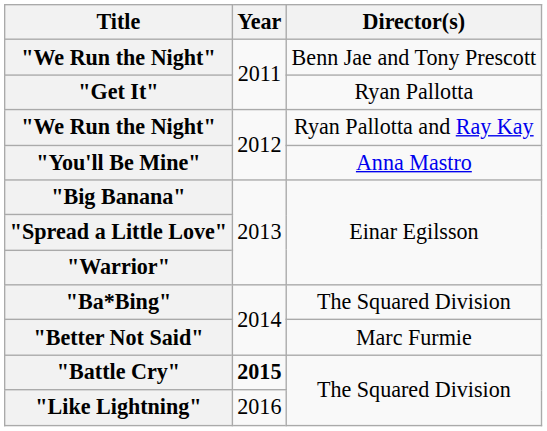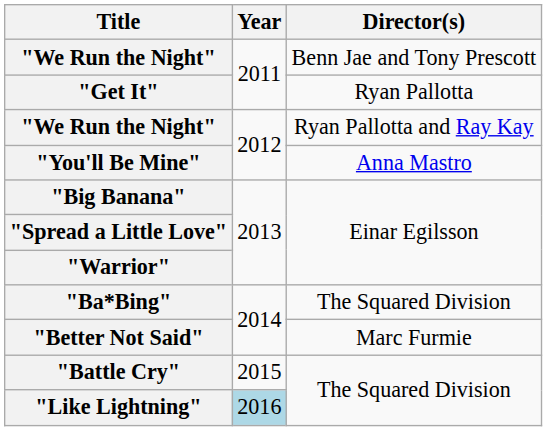 <table class="wikitable plainrowheaders" style="text-align:center;" border="1">
 <tr>
 <th scope="col">Title</th>
 <th scope="col">Year</th>
 <th scope="col">Director(s)</th>
 </tr>
 <tr>
 <th scope="row">"We Run the Night"</th>
 <td rowspan="2">2011</td>
 <td>Benn Jae and Tony Prescott</td>
 </tr>
 <tr>
 <th scope="row">"Get It"</th>
 <td>Ryan Pallotta</td>
 </tr>
 <tr>
 <th scope="row">"We Run the Night"<br></th>
 <td rowspan="2">2012</td>
 <td>Ryan Pallotta and <a href='#'>Ray Kay</a></td>
 </tr>
 <tr>
 <th scope="row">"You'll Be Mine"<br></th>
 <td><a href='#'>Anna Mastro</a></td>
 </tr>
 <tr>
 <th scope="row">"Big Banana"<br></th>
 <td rowspan="3">2013</td>
 <td rowspan="3">Einar Egilsson</td>
 </tr>
 <tr>
 <th scope="row">"Spread a Little Love"</th>
 </tr>
 <tr>
 <th scope="row">"Warrior"</th>
 </tr>
 <tr>
 <th scope="row">"Ba*Bing"</th>
 <td rowspan="2">2014</td>
 <td>The Squared Division</td>
 </tr>
 <tr>
 <th scope="row">"Better Not Said"</th>
 <td>Marc Furmie</td>
 </tr>
 <tr>
 <th scope="row">"Battle Cry"<br></th>
-<td><strong>2015</strong></td>
+<td>2015</td>
 <td rowspan="2">The Squared Division</td>
 </tr>
 <tr>
 <th scope="row">"Like Lightning"<br></th>
-<td>2016</td>
+<td style="background: lightblue;">2016</td>
 </tr>
 </table>
